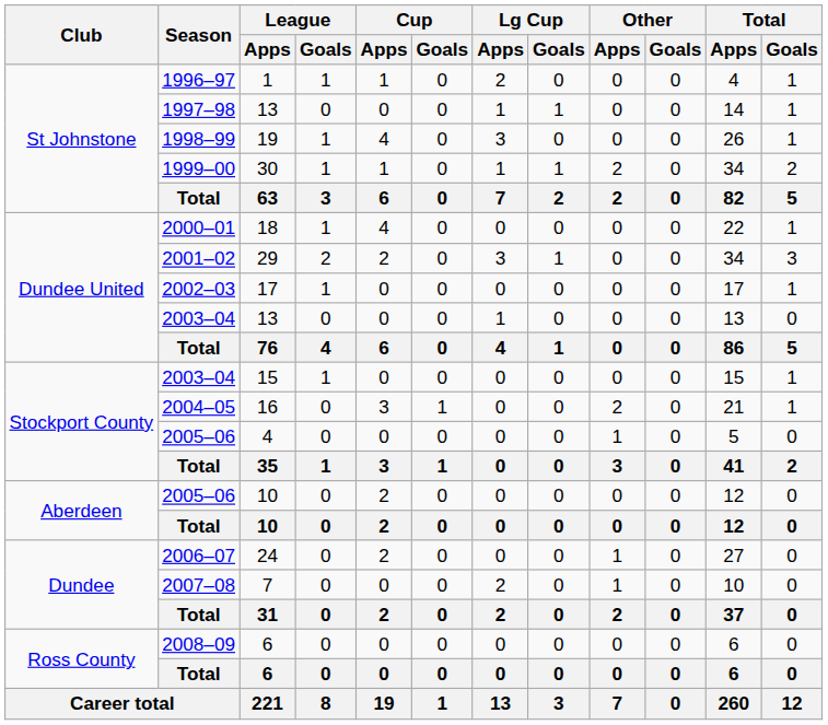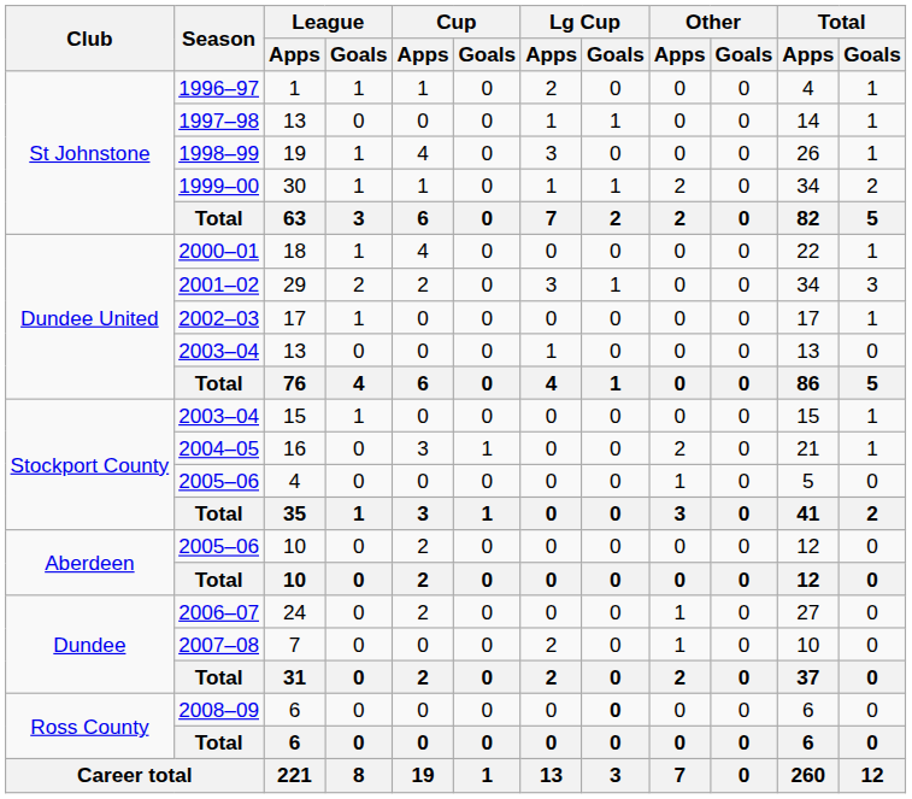 <table class="wikitable" style="font-size:95%; text-align:center">
 <tr>
 <th rowspan="2">Club</th>
 <th rowspan="2">Season</th>
 <th colspan="2">League</th>
 <th colspan="2">Cup</th>
 <th colspan="2">Lg Cup</th>
 <th colspan="2">Other</th>
 <th colspan="2">Total</th>
 </tr>
 <tr>
 <th>Apps</th>
 <th>Goals</th>
 <th>Apps</th>
 <th>Goals</th>
 <th>Apps</th>
 <th>Goals</th>
 <th>Apps</th>
 <th>Goals</th>
 <th>Apps</th>
 <th>Goals</th>
 </tr>
 <tr>
 <td rowspan="5"><a href='#'>St Johnstone</a></td>
 <td><a href='#'>1996–97</a></td>
 <td>1</td>
 <td>1</td>
 <td>1</td>
 <td>0</td>
 <td>2</td>
 <td>0</td>
 <td>0</td>
 <td>0</td>
 <td>4</td>
 <td>1</td>
 </tr>
 <tr>
 <td><a href='#'>1997–98</a></td>
 <td>13</td>
 <td>0</td>
 <td>0</td>
 <td>0</td>
 <td>1</td>
 <td>1</td>
 <td>0</td>
 <td>0</td>
 <td>14</td>
 <td>1</td>
 </tr>
 <tr>
 <td><a href='#'>1998–99</a></td>
 <td>19</td>
 <td>1</td>
 <td>4</td>
 <td>0</td>
 <td>3</td>
 <td>0</td>
 <td>0</td>
 <td>0</td>
 <td>26</td>
 <td>1</td>
 </tr>
 <tr>
 <td><a href='#'>1999–00</a></td>
 <td>30</td>
 <td>1</td>
 <td>1</td>
 <td>0</td>
 <td>1</td>
 <td>1</td>
 <td>2</td>
 <td>0</td>
 <td>34</td>
 <td>2</td>
 </tr>
 <tr>
 <th>Total</th>
 <th>63</th>
 <th>3</th>
 <th>6</th>
 <th>0</th>
 <th>7</th>
 <th>2</th>
 <th>2</th>
 <th>0</th>
 <th>82</th>
 <th>5</th>
 </tr>
 <tr>
 <td rowspan="5"><a href='#'>Dundee United</a></td>
 <td><a href='#'>2000–01</a></td>
 <td>18</td>
 <td>1</td>
 <td>4</td>
 <td>0</td>
 <td>0</td>
 <td>0</td>
 <td>0</td>
 <td>0</td>
 <td>22</td>
 <td>1</td>
 </tr>
 <tr>
 <td><a href='#'>2001–02</a></td>
 <td>29</td>
 <td>2</td>
 <td>2</td>
 <td>0</td>
 <td>3</td>
 <td>1</td>
 <td>0</td>
 <td>0</td>
 <td>34</td>
 <td>3</td>
 </tr>
 <tr>
 <td><a href='#'>2002–03</a></td>
 <td>17</td>
 <td>1</td>
 <td>0</td>
 <td>0</td>
 <td>0</td>
 <td>0</td>
 <td>0</td>
 <td>0</td>
 <td>17</td>
 <td>1</td>
 </tr>
 <tr>
 <td><a href='#'>2003–04</a></td>
 <td>13</td>
 <td>0</td>
 <td>0</td>
 <td>0</td>
 <td>1</td>
 <td>0</td>
 <td>0</td>
 <td>0</td>
 <td>13</td>
 <td>0</td>
 </tr>
 <tr>
 <th>Total</th>
 <th>76</th>
 <th>4</th>
 <th>6</th>
 <th>0</th>
 <th>4</th>
 <th>1</th>
 <th>0</th>
 <th>0</th>
 <th>86</th>
 <th>5</th>
 </tr>
 <tr>
 <td rowspan="4"><a href='#'>Stockport County</a></td>
 <td><a href='#'>2003–04</a></td>
 <td>15</td>
 <td>1</td>
 <td>0</td>
 <td>0</td>
 <td>0</td>
 <td>0</td>
 <td>0</td>
 <td>0</td>
 <td>15</td>
 <td>1</td>
 </tr>
 <tr>
 <td><a href='#'>2004–05</a></td>
 <td>16</td>
 <td>0</td>
 <td>3</td>
 <td>1</td>
 <td>0</td>
 <td>0</td>
 <td>2</td>
 <td>0</td>
 <td>21</td>
 <td>1</td>
 </tr>
 <tr>
 <td><a href='#'>2005–06</a></td>
 <td>4</td>
 <td>0</td>
 <td>0</td>
 <td>0</td>
 <td>0</td>
 <td>0</td>
 <td>1</td>
 <td>0</td>
 <td>5</td>
 <td>0</td>
 </tr>
 <tr>
 <th>Total</th>
 <th>35</th>
 <th>1</th>
 <th>3</th>
 <th>1</th>
 <th>0</th>
 <th>0</th>
 <th>3</th>
 <th>0</th>
 <th>41</th>
 <th>2</th>
 </tr>
 <tr>
 <td rowspan="2"><a href='#'>Aberdeen</a></td>
 <td><a href='#'>2005–06</a></td>
 <td>10</td>
 <td>0</td>
 <td>2</td>
 <td>0</td>
 <td>0</td>
 <td>0</td>
 <td>0</td>
 <td>0</td>
 <td>12</td>
 <td>0</td>
 </tr>
 <tr>
 <th>Total</th>
 <th>10</th>
 <th>0</th>
 <th>2</th>
 <th>0</th>
 <th>0</th>
 <th>0</th>
 <th>0</th>
 <th>0</th>
 <th>12</th>
 <th>0</th>
 </tr>
 <tr>
 <td rowspan="3"><a href='#'>Dundee</a></td>
 <td><a href='#'>2006–07</a></td>
 <td>24</td>
 <td>0</td>
 <td>2</td>
 <td>0</td>
 <td>0</td>
 <td>0</td>
 <td>1</td>
 <td>0</td>
 <td>27</td>
 <td>0</td>
 </tr>
 <tr>
 <td><a href='#'>2007–08</a></td>
 <td>7</td>
 <td>0</td>
 <td>0</td>
 <td>0</td>
 <td>2</td>
 <td>0</td>
 <td>1</td>
 <td>0</td>
 <td>10</td>
 <td>0</td>
 </tr>
 <tr>
 <th>Total</th>
 <th>31</th>
 <th>0</th>
 <th>2</th>
 <th>0</th>
 <th>2</th>
 <th>0</th>
 <th>2</th>
 <th>0</th>
 <th>37</th>
 <th>0</th>
 </tr>
 <tr>
 <td rowspan="2"><a href='#'>Ross County</a></td>
 <td><a href='#'>2008–09</a></td>
 <td>6</td>
 <td>0</td>
 <td>0</td>
 <td>0</td>
 <td>0</td>
-<td>0</td>
+<td><strong>0</strong></td>
 <td>0</td>
 <td>0</td>
 <td>6</td>
 <td>0</td>
 </tr>
 <tr>
 <th>Total</th>
 <th>6</th>
 <th>0</th>
 <th>0</th>
 <th>0</th>
 <th>0</th>
 <th>0</th>
 <th>0</th>
 <th>0</th>
 <th>6</th>
 <th>0</th>
 </tr>
 <tr>
 <th colspan="2">Career total</th>
 <th>221</th>
 <th>8</th>
 <th>19</th>
 <th>1</th>
 <th>13</th>
 <th>3</th>
 <th>7</th>
 <th>0</th>
 <th>260</th>
 <th>12</th>
 </tr>
 </table>
